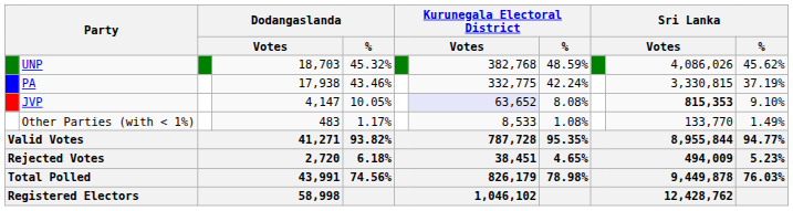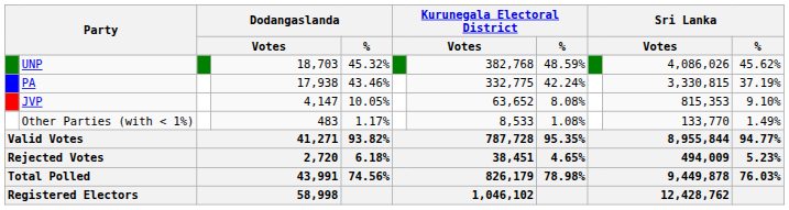 <table class="wikitable">
 <tr>
 <th colspan="2" width="144px"rowspan="2">Party</th>
 <th colspan="3" width="216px">Dodangaslanda</th>
 <th colspan="3" width="216px"><a href='#'>Kurunegala Electoral District</a></th>
 <th colspan="3" width="216px">Sri Lanka</th>
 </tr>
 <tr>
 <th colspan="2" width="144px">Votes</th>
 <th>%</th>
 <th colspan="2" width="144px">Votes</th>
 <th>%</th>
 <th colspan="2" width="144px">Votes</th>
 <th>%</th>
 </tr>
 <tr>
 <td style="background-color:green;" width="10px"></td>
 <td style="text-align:left;"><a href='#'>UNP</a></td>
 <td style="background-color:green;" width="10px"></td>
 <td style="text-align:right;">18,703</td>
 <td style="text-align:right;">45.32%</td>
 <td style="background-color:green;" width="10px"></td>
 <td style="text-align:right;">382,768</td>
 <td style="text-align:right;">48.59%</td>
 <td style="background-color:green;" width="10px"></td>
 <td style="text-align:right;">4,086,026</td>
 <td style="text-align:right;">45.62%</td>
 </tr>
 <tr>
 <td style="background-color:blue;" width="10px"></td>
 <td style="text-align:left;"><a href='#'>PA</a></td>
 <td style="background-color:white;" width="10px"></td>
 <td style="text-align:right;">17,938</td>
 <td style="text-align:right;">43.46%</td>
 <td style="background-color:white;" width="10px"></td>
 <td style="text-align:right;">332,775</td>
 <td style="text-align:right;">42.24%</td>
 <td style="background-color:white;" width="10px"></td>
 <td style="text-align:right;">3,330,815</td>
 <td style="text-align:right;">37.19%</td>
 </tr>
 <tr>
 <td style="background-color:red;" width="10px"></td>
 <td style="text-align:left;"><a href='#'>JVP</a></td>
 <td style="background-color:white;" width="10px"></td>
 <td style="text-align:right;">4,147</td>
 <td style="text-align:right;">10.05%</td>
 <td style="background-color:white;" width="10px"></td>
-<td style="background: lavender; text-align:right;">63,652</td>
+<td style="text-align:right;">63,652</td>
 <td style="text-align:right;">8.08%</td>
 <td style="background-color:white;" width="10px"></td>
-<td style="text-align:right;"><strong>815,353</strong></td>
+<td style="text-align:right;">815,353</td>
 <td style="text-align:right;">9.10%</td>
 </tr>
 <tr>
 <td style="background-color:white;" width="10px"></td>
 <td style="text-align:left;">Other Parties (with < 1%)</td>
 <td style="background-color:white;" width="10px"></td>
 <td style="text-align:right;">483</td>
 <td style="text-align:right;">1.17%</td>
 <td style="background-color:white;" width="10px"></td>
 <td style="text-align:right;">8,533</td>
 <td style="text-align:right;">1.08%</td>
 <td style="background-color:white;" width="10px"></td>
 <td style="text-align:right;">133,770</td>
 <td style="text-align:right;">1.49%</td>
 </tr>
 <tr>
 <th colspan="2" width="144px"style="text-align:left;">Valid Votes</th>
 <th style="text-align:right;"colspan="2" width="144px">41,271</th>
 <th style="text-align:right;">93.82%</th>
 <th style="text-align:right;"colspan="2" width="144px">787,728</th>
 <th style="text-align:right;">95.35%</th>
 <th style="text-align:right;"colspan="2" width="144px">8,955,844</th>
 <th style="text-align:right;">94.77%</th>
 </tr>
 <tr>
 <th colspan="2" width="144px"style="text-align:left;">Rejected Votes</th>
 <th style="text-align:right;"colspan="2" width="144px">2,720</th>
 <th style="text-align:right;">6.18%</th>
 <th style="text-align:right;"colspan="2" width="144px">38,451</th>
 <th style="text-align:right;">4.65%</th>
 <th style="text-align:right;"colspan="2" width="144px">494,009</th>
 <th style="text-align:right;">5.23%</th>
 </tr>
 <tr>
 <th colspan="2" width="144px"style="text-align:left;">Total Polled</th>
 <th style="text-align:right;"colspan="2" width="144px">43,991</th>
 <th style="text-align:right;">74.56%</th>
 <th style="text-align:right;"colspan="2" width="144px">826,179</th>
 <th style="text-align:right;">78.98%</th>
 <th style="text-align:right;"colspan="2" width="144px">9,449,878</th>
 <th style="text-align:right;">76.03%</th>
 </tr>
 <tr>
 <th colspan="2" width="144px"style="text-align:left;">Registered Electors</th>
 <th style="text-align:right;"colspan="2" width="144px">58,998</th>
 <th></th>
 <th style="text-align:right;"colspan="2" width="144px">1,046,102</th>
 <th></th>
 <th style="text-align:right;"colspan="2" width="144px">12,428,762</th>
 <th></th>
 </tr>
 </table>
